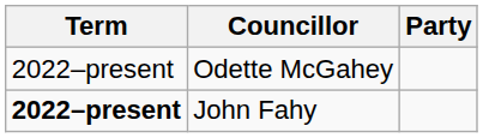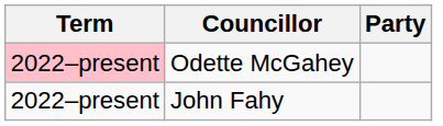 <table class="wikitable">
 <tr>
 <th>Term</th>
 <th>Councillor</th>
 <th colspan=2>Party</th>
 </tr>
 <tr>
-<td>2022–present</td>
+<td style="background: pink;">2022–present</td>
 <td>Odette McGahey</td>
 <td></td>
 </tr>
 <tr>
-<td><strong>2022–present</strong></td>
+<td>2022–present</td>
 <td>John Fahy</td>
 <td></td>
 </tr>
 </table>
